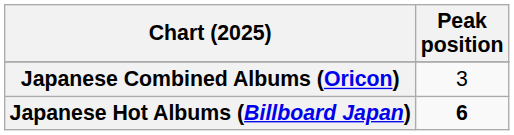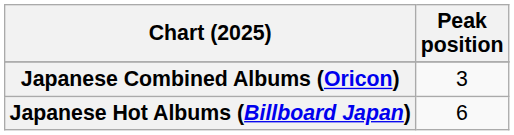 <table class="wikitable sortable plainrowheaders" style="text-align:center">
 <tr>
 <th scope=col>Chart (2025)</th>
 <th scope=col>Peak<br>position</th>
 </tr>
 <tr>
 </tr>
 <tr>
 <th scope="row">Japanese Combined Albums (<a href='#'>Oricon</a>)</th>
 <td>3</td>
 </tr>
 <tr>
 <th scope="row">Japanese Hot Albums (<em><a href='#'>Billboard Japan</a></em>)</th>
-<td><strong>6</strong></td>
+<td>6</td>
 </tr>
 </table>
